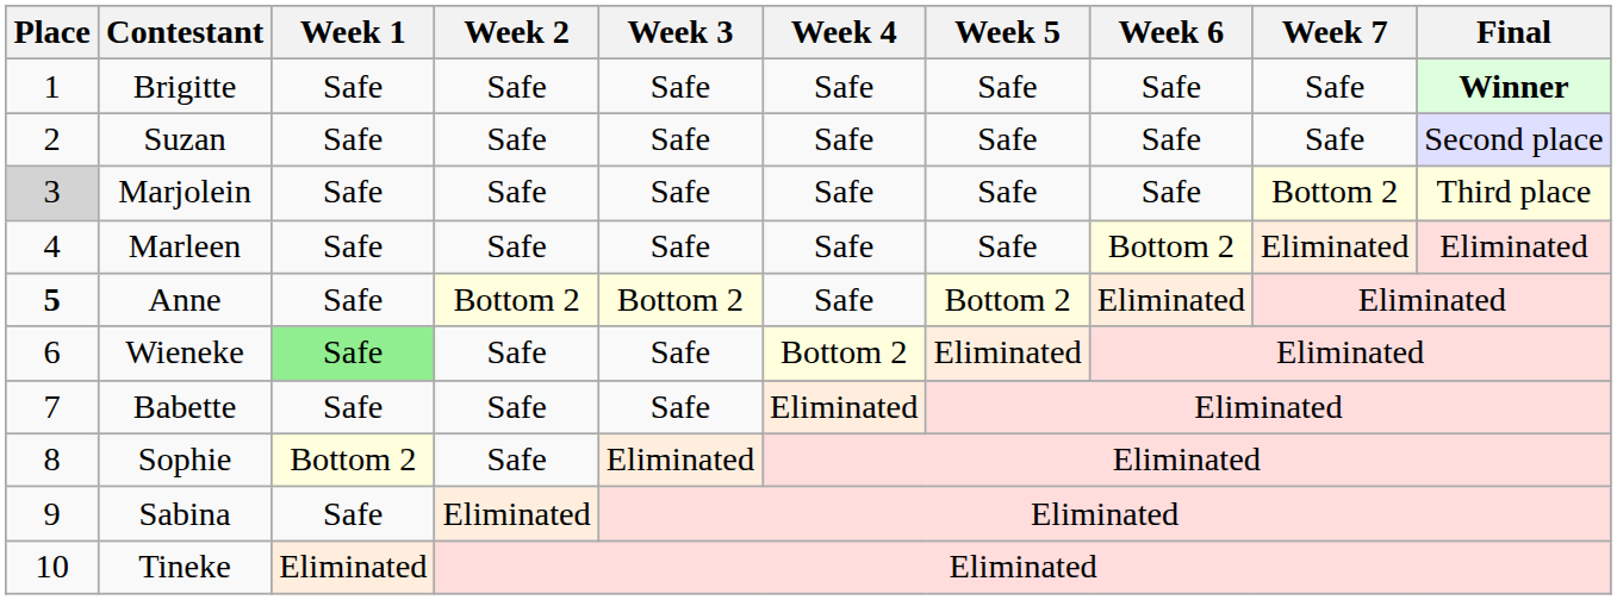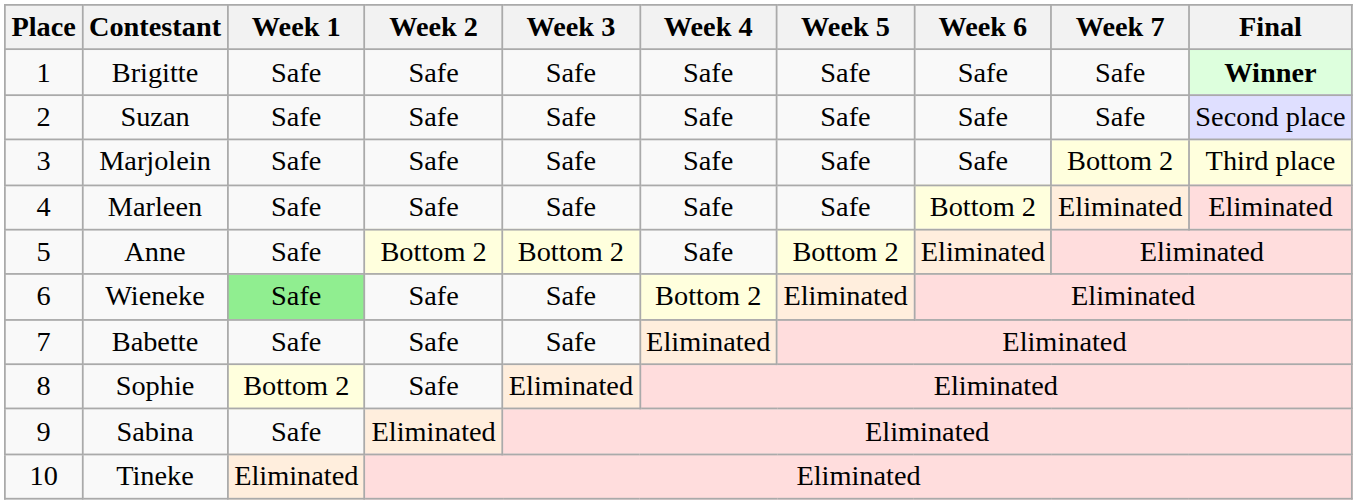 <table class="wikitable" style="text-align:center;">
 <tr>
 <th>Place</th>
 <th>Contestant</th>
 <th>Week 1</th>
 <th>Week 2</th>
 <th>Week 3</th>
 <th>Week 4</th>
 <th>Week 5</th>
 <th>Week 6</th>
 <th>Week 7</th>
 <th>Final</th>
 </tr>
 <tr>
 <td>1</td>
 <td>Brigitte</td>
 <td>Safe</td>
 <td>Safe</td>
 <td>Safe</td>
 <td>Safe</td>
 <td>Safe</td>
 <td>Safe</td>
 <td>Safe</td>
 <td style="background:#ddffdd;"><strong>Winner</strong></td>
 </tr>
 <tr>
 <td>2</td>
 <td>Suzan</td>
 <td>Safe</td>
 <td>Safe</td>
 <td>Safe</td>
 <td>Safe</td>
 <td>Safe</td>
 <td>Safe</td>
 <td>Safe</td>
 <td style="background:#dfdfff;">Second place</td>
 </tr>
 <tr>
-<td style="background: lightgrey;">3</td>
+<td>3</td>
 <td>Marjolein</td>
 <td>Safe</td>
 <td>Safe</td>
 <td>Safe</td>
 <td>Safe</td>
 <td>Safe</td>
 <td>Safe</td>
 <td style="background:#ffffdd;">Bottom 2</td>
 <td style="background:#ffffdd;">Third place</td>
 </tr>
 <tr>
 <td>4</td>
 <td>Marleen</td>
 <td>Safe</td>
 <td>Safe</td>
 <td>Safe</td>
 <td>Safe</td>
 <td>Safe</td>
 <td style="background:#ffffdd;">Bottom 2</td>
 <td style="background:#ffeedd;">Eliminated</td>
 <td style="background:#ffdddd;">Eliminated</td>
 </tr>
 <tr>
-<td><strong>5</strong></td>
+<td>5</td>
 <td>Anne</td>
 <td>Safe</td>
 <td style="background:#ffffdd;">Bottom 2</td>
 <td style="background:#ffffdd;">Bottom 2</td>
 <td>Safe</td>
 <td style="background:#ffffdd;">Bottom 2</td>
 <td style="background:#ffeedd;">Eliminated</td>
 <td style="background:#ffdddd;" colspan="3">Eliminated</td>
 </tr>
 <tr>
 <td>6</td>
 <td>Wieneke</td>
 <td style="background: lightgreen;">Safe</td>
 <td>Safe</td>
 <td>Safe</td>
 <td style="background:#ffffdd;">Bottom 2</td>
 <td style="background:#ffeedd;">Eliminated</td>
 <td style="background:#ffdddd;" colspan="4">Eliminated</td>
 </tr>
 <tr>
 <td>7</td>
 <td>Babette</td>
 <td>Safe</td>
 <td>Safe</td>
 <td>Safe</td>
 <td style="background:#ffeedd;">Eliminated</td>
 <td style="background:#ffdddd;" colspan="5">Eliminated</td>
 </tr>
 <tr>
 <td>8</td>
 <td>Sophie</td>
 <td style="background:#ffffdd;">Bottom 2</td>
 <td>Safe</td>
 <td style="background:#ffeedd;">Eliminated</td>
 <td style="background:#ffdddd;" colspan="6">Eliminated</td>
 </tr>
 <tr>
 <td>9</td>
 <td>Sabina</td>
 <td>Safe</td>
 <td style="background:#ffeedd;">Eliminated</td>
 <td style="background:#ffdddd;" colspan="7">Eliminated</td>
 </tr>
 <tr>
 <td>10</td>
 <td>Tineke</td>
 <td style="background:#ffeedd;">Eliminated</td>
 <td style="background:#ffdddd;" colspan="8">Eliminated</td>
 </tr>
 </table>
